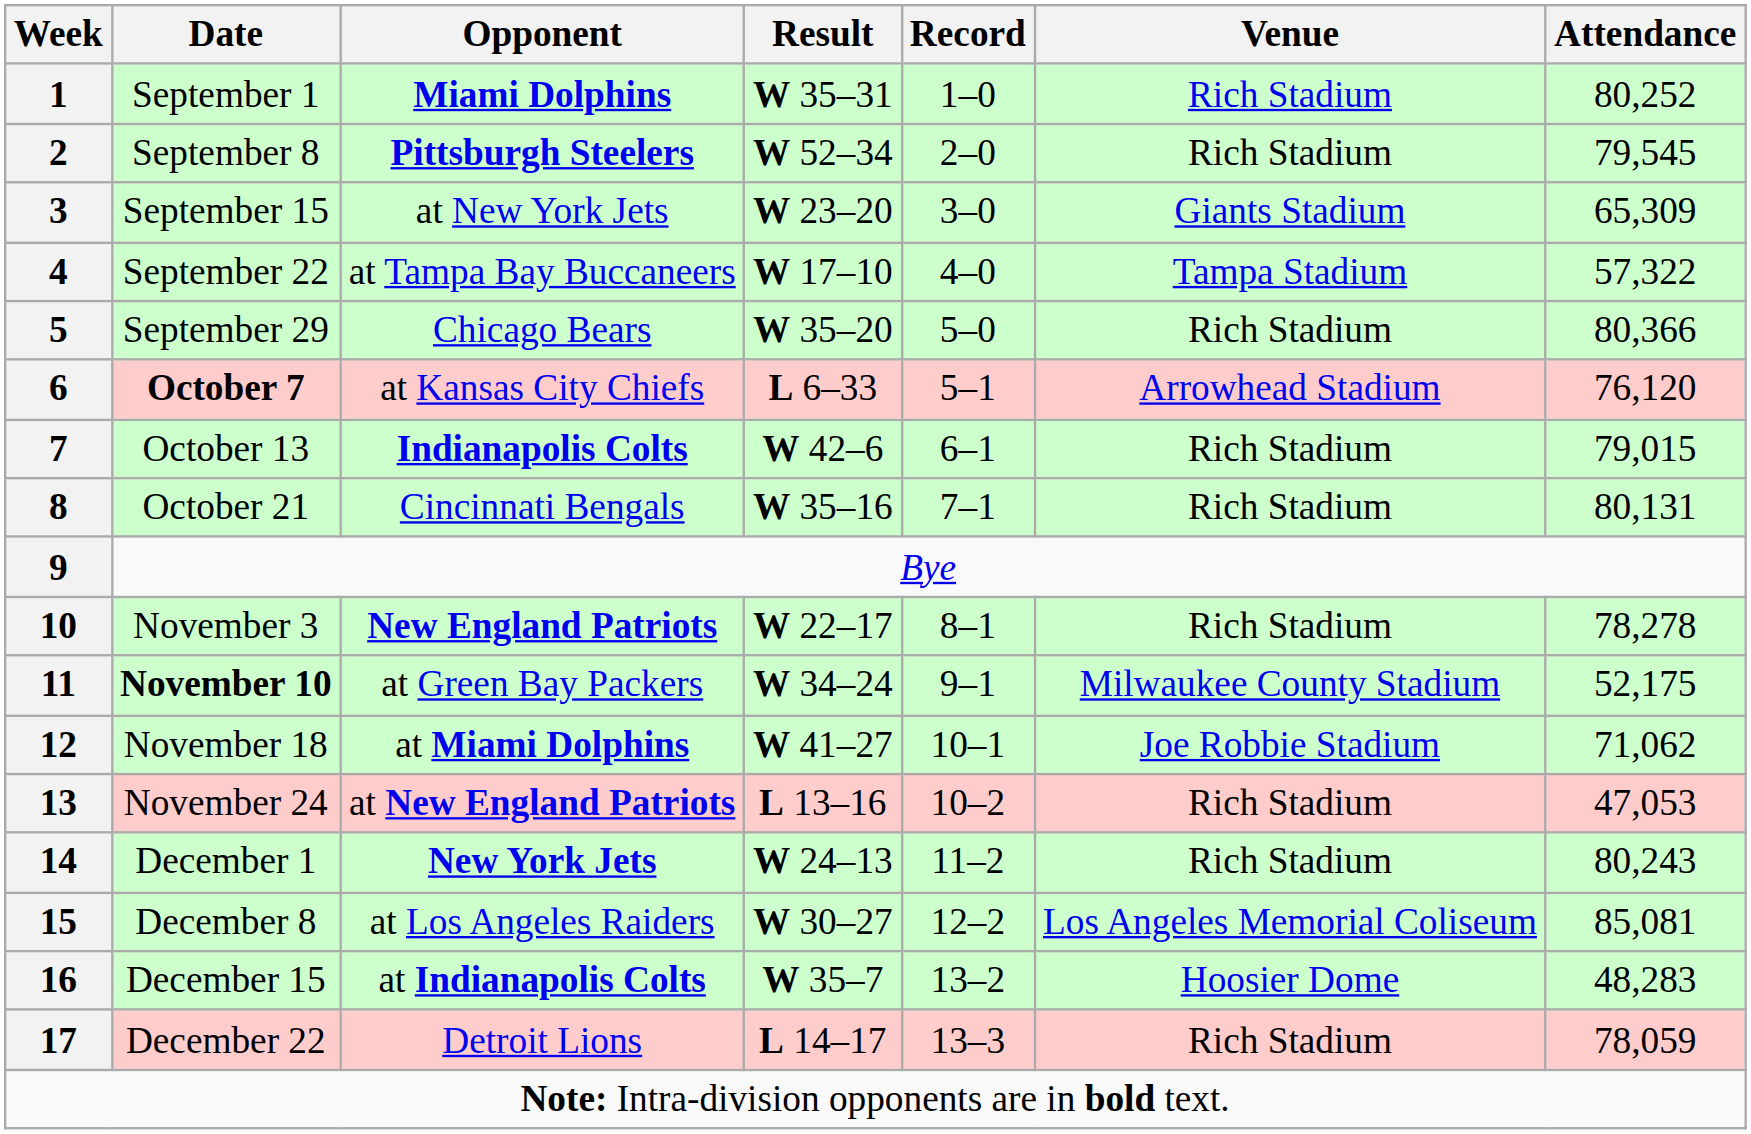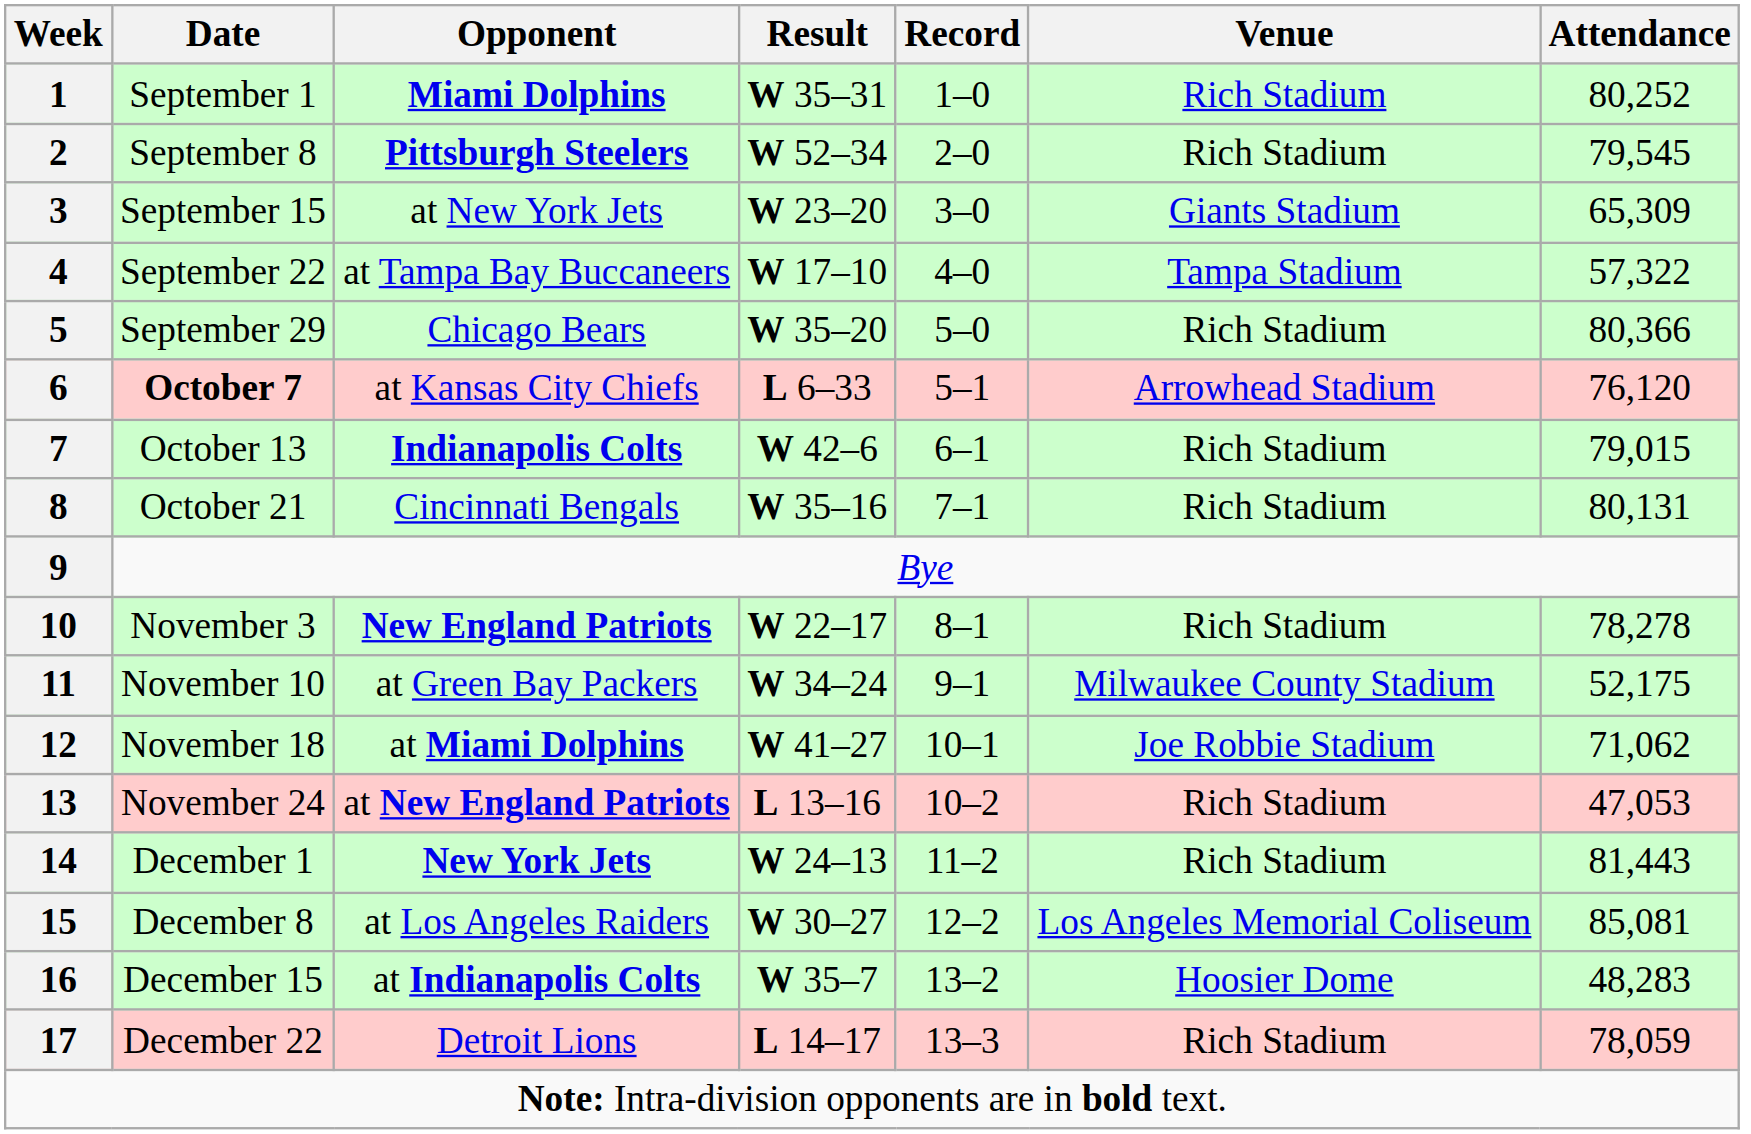 <table class="wikitable" style="text-align:center">
 <tr>
 <th>Week</th>
 <th>Date</th>
 <th>Opponent</th>
 <th>Result</th>
 <th>Record</th>
 <th>Venue</th>
 <th>Attendance</th>
 </tr>
 <tr style="background:#cfc">
 <th>1</th>
 <td>September 1</td>
 <td><strong><a href='#'>Miami Dolphins</a></strong></td>
 <td><strong>W</strong> 35–31</td>
 <td>1–0</td>
 <td><a href='#'>Rich Stadium</a></td>
 <td>80,252</td>
 </tr>
 <tr style="background:#cfc">
 <th>2</th>
 <td>September 8</td>
 <td><strong><a href='#'>Pittsburgh Steelers</a></strong></td>
 <td><strong>W</strong> 52–34</td>
 <td>2–0</td>
 <td>Rich Stadium</td>
 <td>79,545</td>
 </tr>
 <tr style="background:#cfc">
 <th>3</th>
 <td>September 15</td>
 <td>at <a href='#'>New York Jets</a></td>
 <td><strong>W</strong> 23–20</td>
 <td>3–0</td>
 <td><a href='#'>Giants Stadium</a></td>
 <td>65,309</td>
 </tr>
 <tr style="background:#cfc">
 <th>4</th>
 <td>September 22</td>
 <td>at <a href='#'>Tampa Bay Buccaneers</a></td>
 <td><strong>W</strong> 17–10</td>
 <td>4–0</td>
 <td><a href='#'>Tampa Stadium</a></td>
 <td>57,322</td>
 </tr>
 <tr style="background:#cfc">
 <th>5</th>
 <td>September 29</td>
 <td><a href='#'>Chicago Bears</a></td>
 <td><strong>W</strong> 35–20</td>
 <td>5–0</td>
 <td>Rich Stadium</td>
 <td>80,366</td>
 </tr>
 <tr style="background:#fcc">
 <th>6</th>
 <td><strong>October 7</strong></td>
 <td>at <a href='#'>Kansas City Chiefs</a></td>
 <td><strong>L</strong> 6–33</td>
 <td>5–1</td>
 <td><a href='#'>Arrowhead Stadium</a></td>
 <td>76,120</td>
 </tr>
 <tr style="background:#cfc">
 <th>7</th>
 <td>October 13</td>
 <td><strong><a href='#'>Indianapolis Colts</a></strong></td>
 <td><strong>W</strong> 42–6</td>
 <td>6–1</td>
 <td>Rich Stadium</td>
 <td>79,015</td>
 </tr>
 <tr style="background:#cfc">
 <th>8</th>
 <td>October 21</td>
 <td><a href='#'>Cincinnati Bengals</a></td>
 <td><strong>W</strong> 35–16</td>
 <td>7–1</td>
 <td>Rich Stadium</td>
 <td>80,131</td>
 </tr>
 <tr>
 <th>9</th>
 <td colspan="7"><em><a href='#'>Bye</a></em></td>
 </tr>
 <tr style="background:#cfc">
 <th>10</th>
 <td>November 3</td>
 <td><strong><a href='#'>New England Patriots</a></strong></td>
 <td><strong>W</strong> 22–17</td>
 <td>8–1</td>
 <td>Rich Stadium</td>
 <td>78,278</td>
 </tr>
 <tr style="background:#cfc">
 <th>11</th>
-<td><strong>November 10</strong></td>
+<td>November 10</td>
 <td>at <a href='#'>Green Bay Packers</a></td>
 <td><strong>W</strong> 34–24</td>
 <td>9–1</td>
 <td><a href='#'>Milwaukee County Stadium</a></td>
 <td>52,175</td>
 </tr>
 <tr style="background:#cfc">
 <th>12</th>
 <td>November 18</td>
 <td>at <strong><a href='#'>Miami Dolphins</a></strong></td>
 <td><strong>W</strong> 41–27</td>
 <td>10–1</td>
 <td><a href='#'>Joe Robbie Stadium</a></td>
 <td>71,062</td>
 </tr>
 <tr style="background:#fcc">
 <th>13</th>
 <td>November 24</td>
 <td>at <strong><a href='#'>New England Patriots</a></strong></td>
 <td><strong>L</strong> 13–16</td>
 <td>10–2</td>
 <td>Rich Stadium</td>
 <td>47,053</td>
 </tr>
 <tr style="background:#cfc">
 <th>14</th>
 <td>December 1</td>
 <td><strong><a href='#'>New York Jets</a></strong></td>
 <td><strong>W</strong> 24–13</td>
 <td>11–2</td>
 <td>Rich Stadium</td>
-<td>80,243</td>
+<td>81,443</td>
 </tr>
 <tr style="background:#cfc">
 <th>15</th>
 <td>December 8</td>
 <td>at <a href='#'>Los Angeles Raiders</a></td>
 <td><strong>W</strong> 30–27 </td>
 <td>12–2</td>
 <td><a href='#'>Los Angeles Memorial Coliseum</a></td>
 <td>85,081</td>
 </tr>
 <tr style="background:#cfc">
 <th>16</th>
 <td>December 15</td>
 <td>at <strong><a href='#'>Indianapolis Colts</a></strong></td>
 <td><strong>W</strong> 35–7</td>
 <td>13–2</td>
 <td><a href='#'>Hoosier Dome</a></td>
 <td>48,283</td>
 </tr>
 <tr style="background:#fcc">
 <th>17</th>
 <td>December 22</td>
 <td><a href='#'>Detroit Lions</a></td>
 <td><strong>L</strong> 14–17 </td>
 <td>13–3</td>
 <td>Rich Stadium</td>
 <td>78,059</td>
 </tr>
 <tr>
 <td colspan="8"><strong>Note:</strong> Intra-division opponents are in <strong>bold</strong> text.</td>
 </tr>
 </table>
